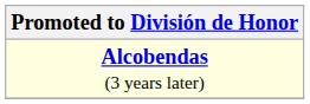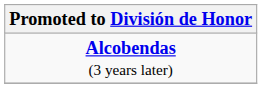 <table class="wikitable" style="text-align: center; margin: 0 auto;">
 <tr>
 <th colspan="2">Promoted to <a href='#'>División de Honor</a></th>
 </tr>
 <tr>
-<td style="background: lightyellow;"><strong><a href='#'>Alcobendas</a></strong><br><small>(3 years later)</small></td>
+<td><strong><a href='#'>Alcobendas</a></strong><br><small>(3 years later)</small></td>
 </tr>
 <tr>
 </tr>
 </table>
